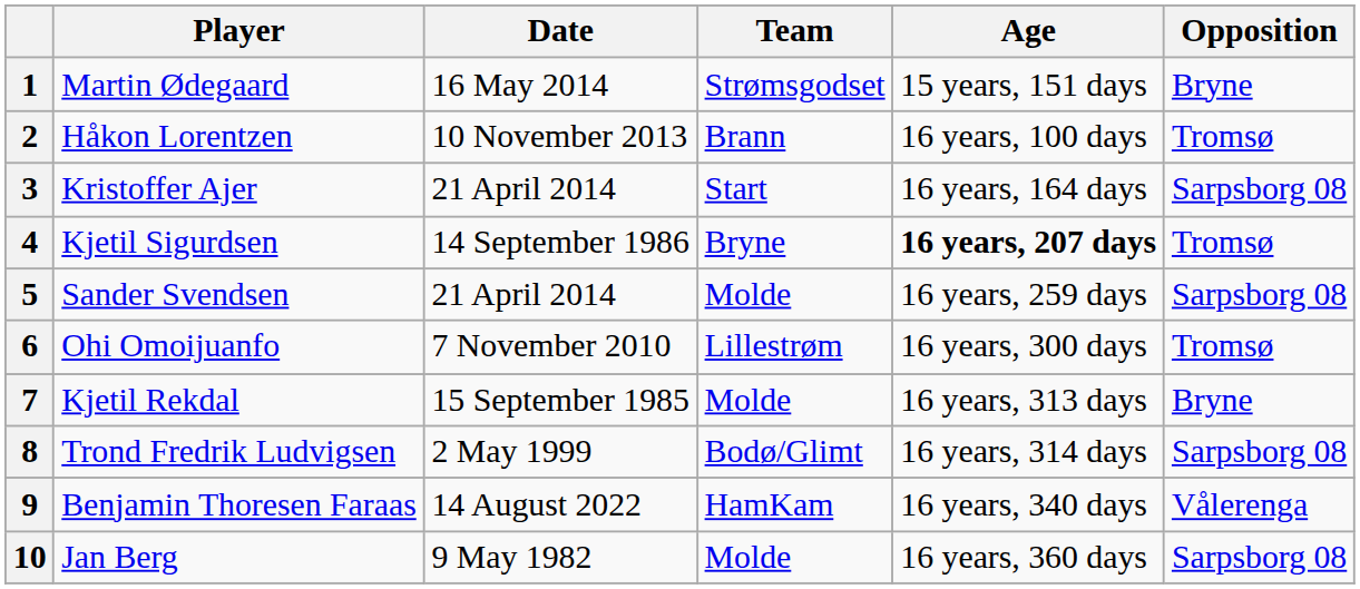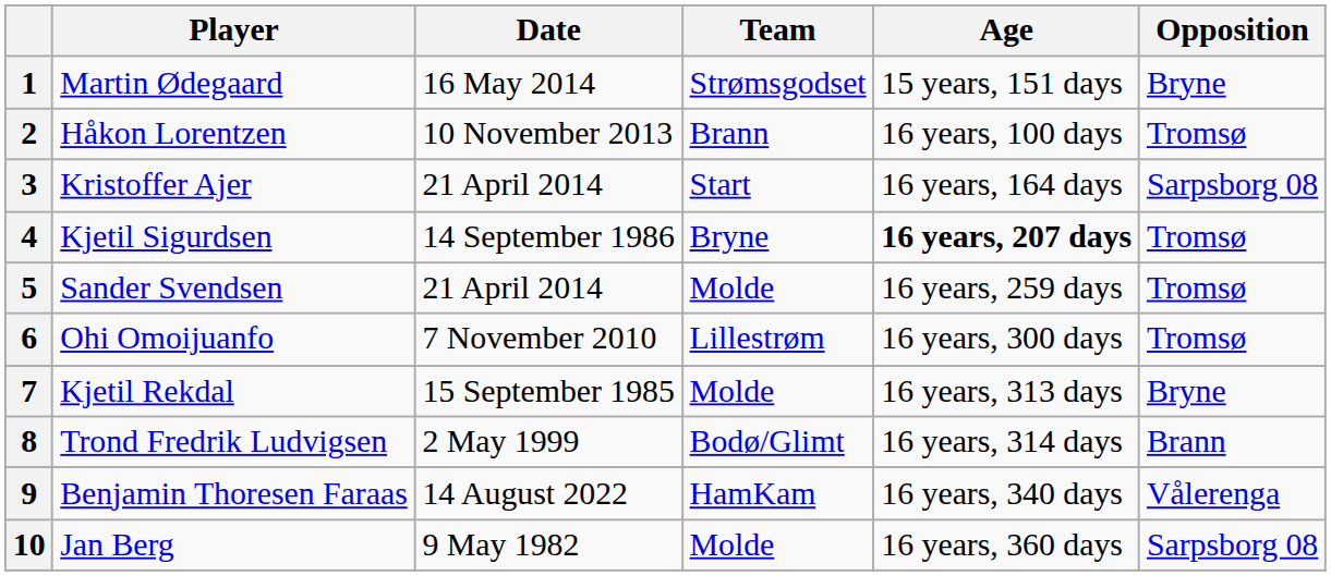 <table class="wikitable sortable">
 <tr>
 <th></th>
 <th>Player</th>
 <th>Date</th>
 <th>Team</th>
 <th>Age</th>
 <th>Opposition</th>
 </tr>
 <tr>
 <th>1</th>
 <td><a href='#'>Martin Ødegaard</a></td>
 <td>16 May 2014 </td>
 <td><a href='#'>Strømsgodset</a></td>
 <td>15 years, 151 days</td>
 <td><a href='#'>Bryne</a></td>
 </tr>
 <tr>
 <th>2</th>
 <td><a href='#'>Håkon Lorentzen</a></td>
 <td>10 November 2013 </td>
 <td><a href='#'>Brann</a></td>
 <td>16 years, 100 days</td>
 <td><a href='#'>Tromsø</a></td>
 </tr>
 <tr>
 <th>3</th>
 <td><a href='#'>Kristoffer Ajer</a></td>
 <td>21 April 2014</td>
 <td><a href='#'>Start</a></td>
 <td>16 years, 164 days</td>
 <td><a href='#'>Sarpsborg 08</a></td>
 </tr>
 <tr>
 <th>4</th>
 <td><a href='#'>Kjetil Sigurdsen</a></td>
 <td>14 September 1986 </td>
 <td><a href='#'>Bryne</a></td>
 <td><strong>16 years, 207 days</strong></td>
 <td><a href='#'>Tromsø</a></td>
 </tr>
 <tr>
 <th>5</th>
 <td><a href='#'>Sander Svendsen</a></td>
 <td>21 April 2014 </td>
 <td><a href='#'>Molde</a></td>
 <td>16 years, 259 days</td>
-<td><a href='#'>Sarpsborg 08</a></td>
+<td><a href='#'>Tromsø</a></td>
 </tr>
 <tr>
 <th>6</th>
 <td><a href='#'>Ohi Omoijuanfo</a></td>
 <td>7 November 2010</td>
 <td><a href='#'>Lillestrøm</a></td>
 <td>16 years, 300 days</td>
 <td><a href='#'>Tromsø</a></td>
 </tr>
 <tr>
 <th>7</th>
 <td><a href='#'>Kjetil Rekdal</a></td>
 <td>15 September 1985 </td>
 <td><a href='#'>Molde</a></td>
 <td>16 years, 313 days</td>
 <td><a href='#'>Bryne</a></td>
 </tr>
 <tr>
 <th>8</th>
 <td><a href='#'>Trond Fredrik Ludvigsen</a></td>
 <td>2 May 1999</td>
 <td><a href='#'>Bodø/Glimt</a></td>
 <td>16 years, 314 days</td>
-<td><a href='#'>Sarpsborg 08</a></td>
+<td><a href='#'>Brann</a></td>
 </tr>
 <tr>
 <th>9</th>
 <td><a href='#'>Benjamin Thoresen Faraas</a></td>
 <td>14 August 2022</td>
 <td><a href='#'>HamKam</a></td>
 <td>16 years, 340 days</td>
 <td><a href='#'>Vålerenga</a></td>
 </tr>
 <tr>
 <th>10</th>
 <td><a href='#'>Jan Berg</a></td>
 <td>9 May 1982 </td>
 <td><a href='#'>Molde</a></td>
 <td>16 years, 360 days</td>
 <td><a href='#'>Sarpsborg 08</a></td>
 </tr>
 </table>
